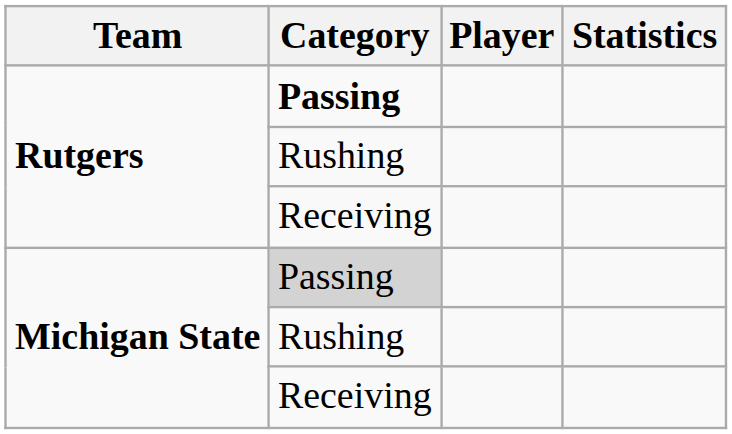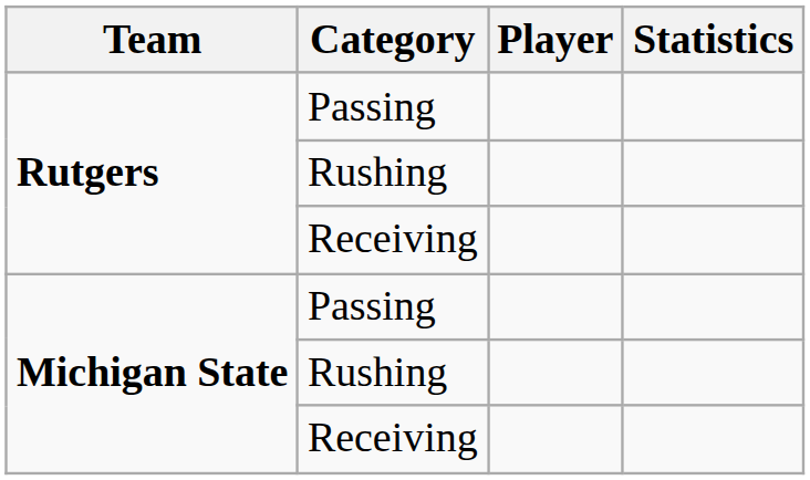 <table class="wikitable" style="float: right;">
 <tr>
 <th>Team</th>
 <th>Category</th>
 <th>Player</th>
 <th>Statistics</th>
 </tr>
 <tr>
 <td rowspan=3><strong>Rutgers</strong></td>
-<td><strong>Passing</strong></td>
+<td>Passing</td>
 <td></td>
 <td></td>
 </tr>
 <tr>
 <td>Rushing</td>
 <td></td>
 <td></td>
 </tr>
 <tr>
 <td>Receiving</td>
 <td></td>
 <td></td>
 </tr>
 <tr>
 <td rowspan=3><strong>Michigan State</strong></td>
-<td style="background: lightgrey;">Passing</td>
+<td>Passing</td>
 <td></td>
 <td></td>
 </tr>
 <tr>
 <td>Rushing</td>
 <td></td>
 <td></td>
 </tr>
 <tr>
 <td>Receiving</td>
 <td></td>
 <td></td>
 </tr>
 </table>
